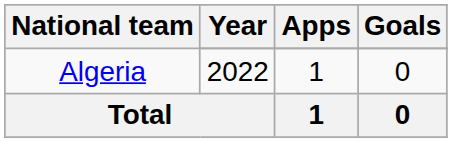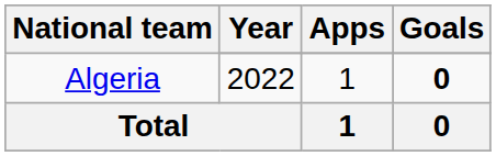 <table class="wikitable" style="text-align:center">
 <tr>
 <th>National team</th>
 <th>Year</th>
 <th>Apps</th>
 <th>Goals</th>
 </tr>
 <tr>
 <td rowspan="2"><a href='#'>Algeria</a></td>
 </tr>
 <tr>
 <td>2022</td>
 <td>1</td>
-<td>0</td>
+<td><strong>0</strong></td>
 </tr>
 <tr>
 <th colspan="2">Total</th>
 <th>1</th>
 <th>0</th>
 </tr>
 </table>
